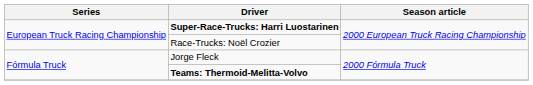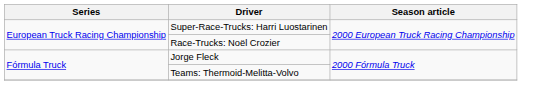 <table class="wikitable" style="font-size: 87%;">
 <tr>
 <th>Series</th>
 <th>Driver</th>
 <th>Season article</th>
 </tr>
 <tr>
 <td rowspan=2><a href='#'>European Truck Racing Championship</a></td>
-<td><strong>Super-Race-Trucks:  Harri Luostarinen</strong></td>
+<td>Super-Race-Trucks:  Harri Luostarinen</td>
 <td rowspan=2><em><a href='#'>2000 European Truck Racing Championship</a></em></td>
 </tr>
 <tr>
 <td>Race-Trucks:  Noël Crozier</td>
 </tr>
 <tr>
 <td rowspan=2><a href='#'>Fórmula Truck</a></td>
 <td> Jorge Fleck</td>
 <td rowspan=2><em><a href='#'>2000 Fórmula Truck</a></em></td>
 </tr>
 <tr>
-<td><strong>Teams:  Thermoid-Melitta-Volvo</strong></td>
+<td>Teams:  Thermoid-Melitta-Volvo</td>
 </tr>
 <tr>
 </tr>
 </table>
